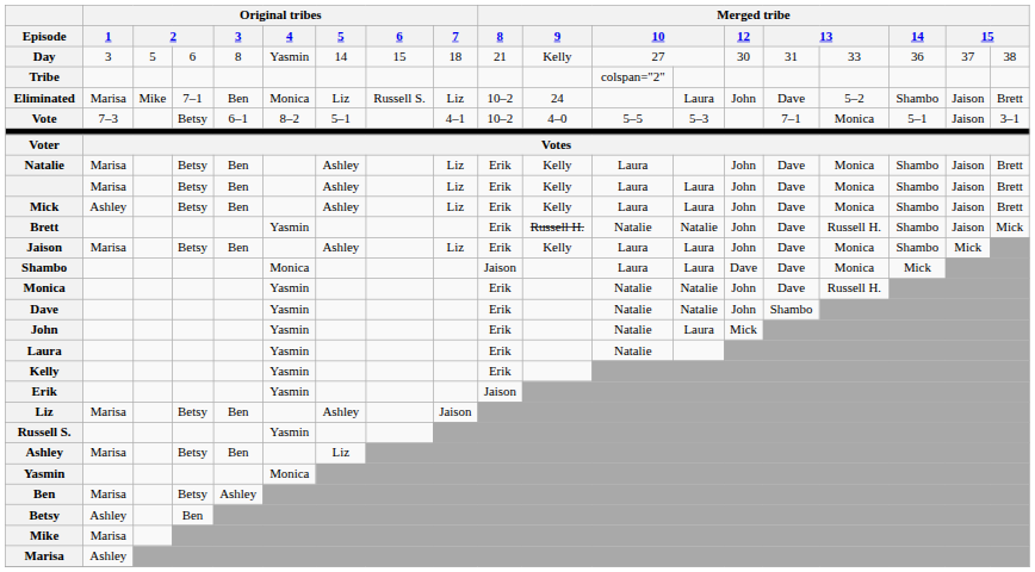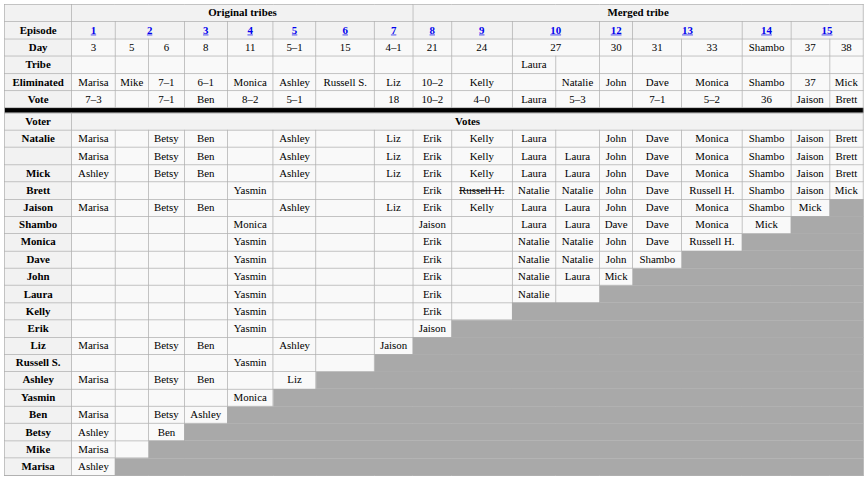 <table class="wikitable" style="text-align:center; width:100%">
 <tr>
 <th></th>
 <th colspan="8">Original tribes</th>
 <th colspan="10">Merged tribe</th>
 </tr>
 <tr>
 <th>Episode</th>
 <th><a href='#'>1</a></th>
 <th colspan="2"><a href='#'>2</a></th>
 <th><a href='#'>3</a></th>
 <th><a href='#'>4</a></th>
 <th><a href='#'>5</a></th>
 <th><a href='#'>6</a></th>
 <th><a href='#'>7</a></th>
 <th><a href='#'>8</a></th>
 <th><a href='#'>9</a></th>
 <th colspan="2"><a href='#'>10</a></th>
 <th><a href='#'>12</a></th>
 <th colspan="2"><a href='#'>13</a></th>
 <th><a href='#'>14</a></th>
 <th colspan="2"><a href='#'>15</a></th>
 </tr>
 <tr>
 <th>Day</th>
 <td>3</td>
 <td>5</td>
 <td>6</td>
 <td>8</td>
-<td>Yasmin</td>
-<td>14</td>
+<td>11</td>
+<td>5–1</td>
 <td>15</td>
-<td>18</td>
+<td>4–1</td>
 <td>21</td>
-<td>Kelly</td>
+<td>24</td>
 <td colspan="2">27</td>
 <td>30</td>
 <td>31</td>
 <td>33</td>
-<td>36</td>
+<td>Shambo</td>
 <td>37</td>
 <td>38</td>
 </tr>
 <tr>
 <th>Tribe</th>
 <td></td>
 <td></td>
 <td></td>
 <td></td>
 <td></td>
 <td></td>
 <td></td>
 <td></td>
 <td></td>
 <td></td>
-<td>colspan="2" </td>
+<td>Laura</td>
 <td></td>
 <td></td>
 <td></td>
 <td></td>
 <td></td>
 <td></td>
 </tr>
 <tr>
 <th>Eliminated</th>
 <td>Marisa</td>
 <td>Mike</td>
 <td>7–1</td>
-<td>Ben</td>
+<td>6–1</td>
 <td>Monica</td>
-<td>Liz</td>
+<td>Ashley</td>
 <td>Russell S.</td>
 <td>Liz</td>
 <td>10–2</td>
-<td>24</td>
+<td>Kelly</td>
 <td></td>
-<td>Laura</td>
+<td>Natalie</td>
 <td>John</td>
 <td>Dave</td>
-<td>5–2</td>
+<td>Monica</td>
 <td>Shambo</td>
-<td>Jaison</td>
-<td>Brett</td>
+<td>37</td>
+<td>Mick</td>
 </tr>
 <tr>
 <th>Vote</th>
 <td>7–3</td>
 <td></td>
-<td>Betsy</td>
-<td>6–1</td>
+<td>7–1</td>
+<td>Ben</td>
 <td>8–2</td>
 <td>5–1</td>
 <td></td>
-<td>4–1</td>
+<td>18</td>
 <td>10–2</td>
 <td>4–0</td>
-<td>5–5</td>
+<td>Laura</td>
 <td>5–3</td>
 <td></td>
 <td>7–1</td>
-<td>Monica</td>
-<td>5–1</td>
+<td>5–2</td>
+<td>36</td>
 <td>Jaison</td>
-<td>3–1</td>
+<td>Brett</td>
 </tr>
 <tr>
 <td colspan="20" bgcolor="black"></td>
 </tr>
 <tr>
 <th>Voter</th>
 <th colspan="18">Votes</th>
 </tr>
 <tr>
 <th>Natalie</th>
 <td>Marisa</td>
 <td></td>
 <td>Betsy</td>
 <td>Ben</td>
 <td></td>
 <td>Ashley</td>
 <td></td>
 <td>Liz</td>
 <td>Erik</td>
 <td>Kelly</td>
 <td>Laura</td>
 <td></td>
 <td>John</td>
 <td>Dave</td>
 <td>Monica</td>
 <td>Shambo</td>
 <td>Jaison</td>
 <td>Brett</td>
 </tr>
 <tr>
 <th></th>
 <td>Marisa</td>
 <td></td>
 <td>Betsy</td>
 <td>Ben</td>
 <td></td>
 <td>Ashley</td>
 <td></td>
 <td>Liz</td>
 <td>Erik</td>
 <td>Kelly</td>
 <td>Laura</td>
 <td>Laura</td>
 <td>John</td>
 <td>Dave</td>
 <td>Monica</td>
 <td>Shambo</td>
 <td>Jaison</td>
 <td>Brett</td>
 </tr>
 <tr>
 <th>Mick</th>
 <td>Ashley</td>
 <td></td>
 <td>Betsy</td>
 <td>Ben</td>
 <td></td>
 <td>Ashley</td>
 <td></td>
 <td>Liz</td>
 <td>Erik</td>
 <td>Kelly</td>
 <td>Laura</td>
 <td>Laura</td>
 <td>John</td>
 <td>Dave</td>
 <td>Monica</td>
 <td>Shambo</td>
 <td>Jaison</td>
 <td>Brett</td>
 </tr>
 <tr>
 <th>Brett</th>
 <td></td>
 <td></td>
 <td></td>
 <td></td>
 <td>Yasmin</td>
 <td></td>
 <td></td>
 <td></td>
 <td>Erik</td>
 <td><s>Russell H.</s></td>
 <td>Natalie</td>
 <td>Natalie</td>
 <td>John</td>
 <td>Dave</td>
 <td>Russell H.</td>
 <td>Shambo</td>
 <td>Jaison</td>
 <td>Mick</td>
 </tr>
 <tr>
 <th>Jaison</th>
 <td>Marisa</td>
 <td></td>
 <td>Betsy</td>
 <td>Ben</td>
 <td></td>
 <td>Ashley</td>
 <td></td>
 <td>Liz</td>
 <td>Erik</td>
 <td>Kelly</td>
 <td>Laura</td>
 <td>Laura</td>
 <td>John</td>
 <td>Dave</td>
 <td>Monica</td>
 <td>Shambo</td>
 <td>Mick</td>
 <td colspan="1" bgcolor="darkgray"></td>
 </tr>
 <tr>
 <th>Shambo</th>
 <td></td>
 <td></td>
 <td></td>
 <td></td>
 <td>Monica</td>
 <td></td>
 <td></td>
 <td></td>
 <td>Jaison</td>
 <td></td>
 <td>Laura</td>
 <td>Laura</td>
 <td>Dave</td>
 <td>Dave</td>
 <td>Monica</td>
 <td>Mick</td>
 <td colspan="2" bgcolor="darkgray"></td>
 </tr>
 <tr>
 <th>Monica</th>
 <td></td>
 <td></td>
 <td></td>
 <td></td>
 <td>Yasmin</td>
 <td></td>
 <td></td>
 <td></td>
 <td>Erik</td>
 <td></td>
 <td>Natalie</td>
 <td>Natalie</td>
 <td>John</td>
 <td>Dave</td>
 <td>Russell H.</td>
 <td colspan="3" bgcolor="darkgray"></td>
 </tr>
 <tr>
 <th>Dave</th>
 <td></td>
 <td></td>
 <td></td>
 <td></td>
 <td>Yasmin</td>
 <td></td>
 <td></td>
 <td></td>
 <td>Erik</td>
 <td></td>
 <td>Natalie</td>
 <td>Natalie</td>
 <td>John</td>
 <td>Shambo</td>
 <td colspan="4" bgcolor="darkgray"></td>
 </tr>
 <tr>
 <th>John</th>
 <td></td>
 <td></td>
 <td></td>
 <td></td>
 <td>Yasmin</td>
 <td></td>
 <td></td>
 <td></td>
 <td>Erik</td>
 <td></td>
 <td>Natalie</td>
 <td>Laura</td>
 <td>Mick</td>
 <td colspan="5" bgcolor="darkgray"></td>
 </tr>
 <tr>
 <th>Laura</th>
 <td></td>
 <td></td>
 <td></td>
 <td></td>
 <td>Yasmin</td>
 <td></td>
 <td></td>
 <td></td>
 <td>Erik</td>
 <td></td>
 <td>Natalie</td>
 <td></td>
 <td colspan="6" bgcolor="darkgray"></td>
 </tr>
 <tr>
 <th>Kelly</th>
 <td></td>
 <td></td>
 <td></td>
 <td></td>
 <td>Yasmin</td>
 <td></td>
 <td></td>
 <td></td>
 <td>Erik</td>
 <td></td>
 <td colspan="8" bgcolor="darkgray"></td>
 </tr>
 <tr>
 <th>Erik</th>
 <td></td>
 <td></td>
 <td></td>
 <td></td>
 <td>Yasmin</td>
 <td></td>
 <td></td>
 <td></td>
 <td>Jaison</td>
 <td colspan="9" bgcolor="darkgray"></td>
 </tr>
 <tr>
 <th>Liz</th>
 <td>Marisa</td>
 <td></td>
 <td>Betsy</td>
 <td>Ben</td>
 <td></td>
 <td>Ashley</td>
 <td></td>
 <td>Jaison</td>
 <td colspan="10" bgcolor="darkgray"></td>
 </tr>
 <tr>
 <th>Russell S.</th>
 <td></td>
 <td></td>
 <td></td>
 <td></td>
 <td>Yasmin</td>
 <td></td>
 <td></td>
 <td colspan="11" bgcolor="darkgray"></td>
 </tr>
 <tr>
 <th>Ashley</th>
 <td>Marisa</td>
 <td></td>
 <td>Betsy</td>
 <td>Ben</td>
 <td></td>
 <td>Liz</td>
 <td colspan="12" bgcolor="darkgray"></td>
 </tr>
 <tr>
 <th>Yasmin</th>
 <td></td>
 <td></td>
 <td></td>
 <td></td>
 <td>Monica</td>
 <td colspan="13" bgcolor="darkgray"></td>
 </tr>
 <tr>
 <th>Ben</th>
 <td>Marisa</td>
 <td></td>
 <td>Betsy</td>
 <td>Ashley</td>
 <td colspan="14" bgcolor="darkgray"></td>
 </tr>
 <tr>
 <th>Betsy</th>
 <td>Ashley</td>
 <td></td>
 <td>Ben</td>
 <td colspan="15" bgcolor="darkgray"></td>
 </tr>
 <tr>
 <th>Mike</th>
 <td>Marisa</td>
 <td></td>
 <td colspan="16" bgcolor="darkgray"></td>
 </tr>
 <tr>
 <th>Marisa</th>
 <td>Ashley</td>
 <td colspan="17" bgcolor="darkgray"></td>
 </tr>
 <tr>
 </tr>
 </table>
